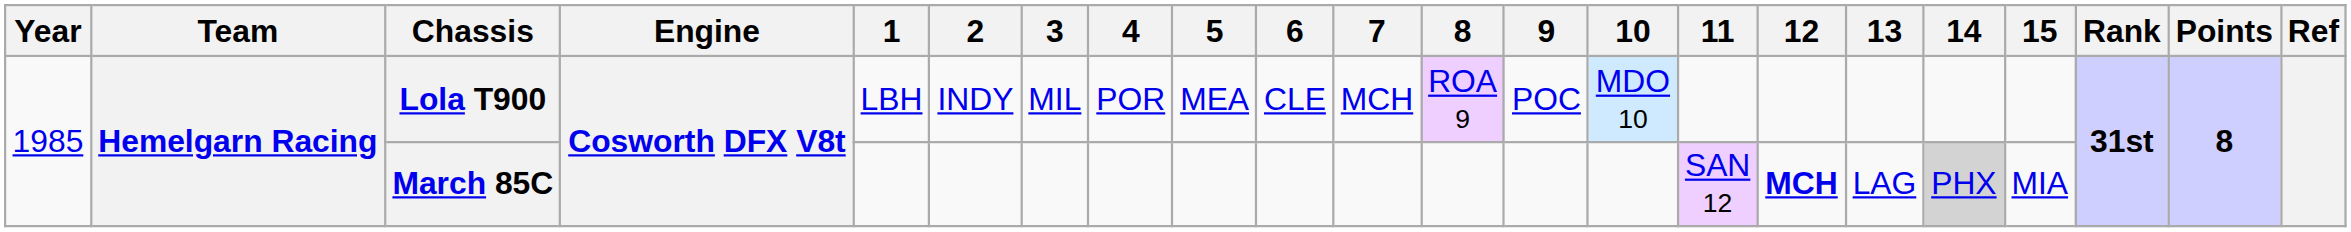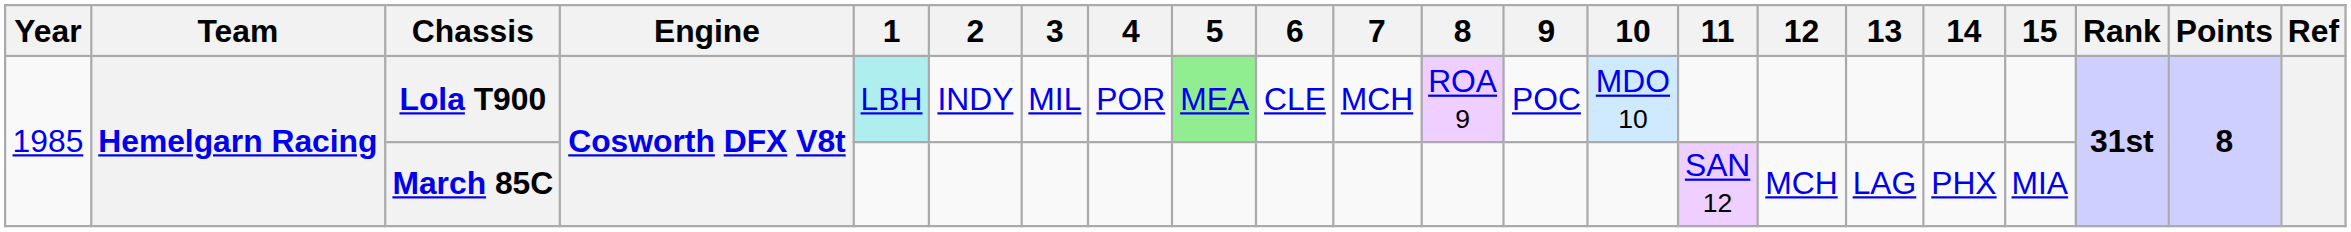 <table class="wikitable" style="text-align:center; font-size:90%">
 <tr>
 <th>Year</th>
 <th>Team</th>
 <th>Chassis</th>
 <th>Engine</th>
 <th>1</th>
 <th>2</th>
 <th>3</th>
 <th>4</th>
 <th>5</th>
 <th>6</th>
 <th>7</th>
 <th>8</th>
 <th>9</th>
 <th>10</th>
 <th>11</th>
 <th>12</th>
 <th>13</th>
 <th>14</th>
 <th>15</th>
 <th>Rank</th>
 <th>Points</th>
 <th>Ref</th>
 </tr>
 <tr>
 <td rowspan=2><a href='#'>1985</a></td>
 <th rowspan=2><a href='#'>Hemelgarn Racing</a></th>
 <th><a href='#'>Lola</a> T900</th>
 <th rowspan=2><a href='#'>Cosworth</a> <a href='#'>DFX</a> <a href='#'>V8</a><a href='#'>t</a></th>
-<td><a href='#'>LBH</a></td>
+<td style="background: paleturquoise;"><a href='#'>LBH</a></td>
 <td><a href='#'>INDY</a></td>
 <td><a href='#'>MIL</a></td>
 <td><a href='#'>POR</a></td>
-<td><a href='#'>MEA</a></td>
+<td style="background: lightgreen;"><a href='#'>MEA</a></td>
 <td><a href='#'>CLE</a></td>
 <td><a href='#'>MCH</a></td>
 <td style="background:#EFCFFF;"><a href='#'>ROA</a><br><small>9</small></td>
 <td><a href='#'>POC</a></td>
 <td style="background:#CFEAFF;"><a href='#'>MDO</a><br><small>10</small></td>
 <td></td>
 <td></td>
 <td></td>
 <td></td>
 <td></td>
 <td rowspan=2 style="background:#CFCFFF;"><strong>31st</strong></td>
 <td rowspan=2 style="background:#CFCFFF;"><strong>8</strong></td>
 <th rowspan=2></th>
 </tr>
 <tr>
 <th><a href='#'>March</a> 85C</th>
 <td></td>
 <td></td>
 <td></td>
 <td></td>
 <td></td>
 <td></td>
 <td></td>
 <td></td>
 <td></td>
 <td></td>
 <td style="background:#EFCFFF;"><a href='#'>SAN</a><br><small>12</small></td>
-<td><strong><a href='#'>MCH</a></strong></td>
+<td><a href='#'>MCH</a></td>
 <td><a href='#'>LAG</a></td>
-<td style="background: lightgrey;"><a href='#'>PHX</a></td>
+<td><a href='#'>PHX</a></td>
 <td><a href='#'>MIA</a></td>
 </tr>
 </table>
